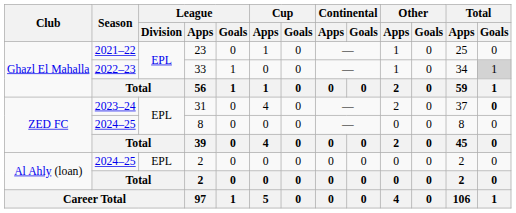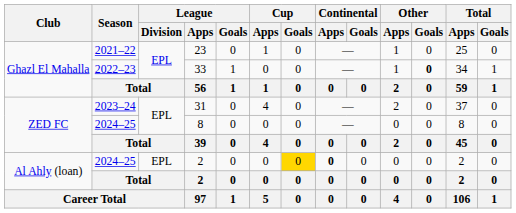 <table class="wikitable" style="text-align: center">
 <tr>
 <th rowspan="2">Club</th>
 <th rowspan="2">Season</th>
 <th colspan="3">League</th>
 <th colspan="2">Cup</th>
 <th colspan="2">Continental</th>
 <th colspan="2">Other</th>
 <th colspan="2">Total</th>
 </tr>
 <tr>
 <th>Division</th>
 <th>Apps</th>
 <th>Goals</th>
 <th>Apps</th>
 <th>Goals</th>
 <th>Apps</th>
 <th>Goals</th>
 <th>Apps</th>
 <th>Goals</th>
 <th>Apps</th>
 <th>Goals</th>
 </tr>
 <tr>
 <td rowspan="3"><a href='#'>Ghazl El Mahalla</a></td>
 <td><a href='#'>2021–22</a></td>
 <td rowspan="2"><a href='#'>EPL</a></td>
 <td>23</td>
 <td>0</td>
 <td>1</td>
 <td>0</td>
 <td colspan="2">—</td>
 <td>1</td>
 <td>0</td>
 <td>25</td>
 <td>0</td>
 </tr>
 <tr>
 <td><a href='#'>2022–23</a></td>
 <td>33</td>
 <td>1</td>
 <td>0</td>
 <td>0</td>
 <td colspan="2">—</td>
 <td>1</td>
-<td>0</td>
+<td><strong>0</strong></td>
 <td>34</td>
-<td style="background: lightgrey;">1</td>
+<td>1</td>
 </tr>
 <tr>
 <th colspan="2">Total</th>
 <th>56</th>
 <th>1</th>
 <th>1</th>
 <th>0</th>
 <th>0</th>
 <th>0</th>
 <th>2</th>
 <th>0</th>
 <th>59</th>
 <th>1</th>
 </tr>
 <tr>
 <td rowspan="3"><a href='#'>ZED FC</a></td>
 <td><a href='#'>2023–24</a></td>
 <td rowspan="2">EPL</td>
 <td>31</td>
 <td>0</td>
 <td>4</td>
 <td>0</td>
 <td colspan="2">—</td>
 <td>2</td>
 <td>0</td>
 <td>37</td>
-<td><strong>0</strong></td>
+<td>0</td>
 </tr>
 <tr>
 <td><a href='#'>2024–25</a></td>
 <td>8</td>
 <td>0</td>
 <td>0</td>
 <td>0</td>
 <td colspan="2">—</td>
 <td>0</td>
 <td>0</td>
 <td>8</td>
 <td>0</td>
 </tr>
 <tr>
 <th colspan="2">Total</th>
 <th>39</th>
 <th>0</th>
 <th>4</th>
 <th>0</th>
 <th>0</th>
 <th>0</th>
 <th>2</th>
 <th>0</th>
 <th>45</th>
 <th>0</th>
 </tr>
 <tr>
 <td rowspan="2"><a href='#'>Al Ahly</a> (loan)</td>
 <td><a href='#'>2024–25</a></td>
 <td rowspan="1">EPL</td>
 <td>2</td>
 <td>0</td>
 <td>0</td>
-<td>0</td>
-<td>0</td>
+<td style="background: gold;">0</td>
+<td><strong>0</strong></td>
 <td>0</td>
 <td>0</td>
 <td>0</td>
 <td>2</td>
 <td>0</td>
 </tr>
 <tr>
 <th colspan="2">Total</th>
 <th>2</th>
 <th>0</th>
 <th>0</th>
 <th>0</th>
 <th>0</th>
 <th>0</th>
 <th>0</th>
 <th>0</th>
 <th>2</th>
 <th>0</th>
 </tr>
 <tr>
 <th colspan="3">Career Total</th>
 <th>97</th>
 <th>1</th>
 <th>5</th>
 <th>0</th>
 <th>0</th>
 <th>0</th>
 <th>4</th>
 <th>0</th>
 <th>106</th>
 <th>1</th>
 </tr>
 </table>
